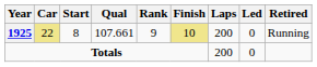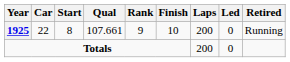 <table class="wikitable" style="text-align:center">
 <tr>
 <th>Year</th>
 <th>Car</th>
 <th>Start</th>
 <th>Qual</th>
 <th>Rank</th>
 <th>Finish</th>
 <th>Laps</th>
 <th>Led</th>
 <th>Retired</th>
 </tr>
 <tr>
 <th><a href='#'>1925</a></th>
-<td style="background: khaki;">22</td>
+<td>22</td>
 <td>8</td>
 <td>107.661</td>
 <td>9</td>
-<td style="background: khaki;">10</td>
+<td>10</td>
 <td>200</td>
 <td>0</td>
 <td>Running</td>
 </tr>
 <tr>
 <td colspan=6><strong>Totals</strong></td>
 <td>200</td>
 <td>0</td>
 <td></td>
 </tr>
 </table>
